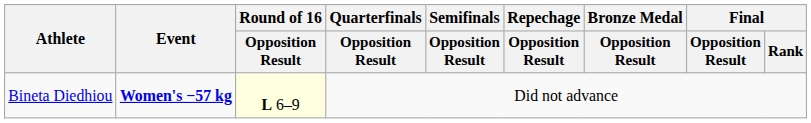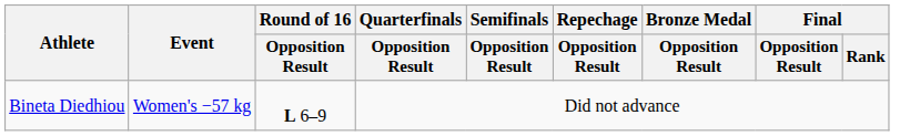 <table class="wikitable" style="font-size:90%">
 <tr>
 <th rowspan="2">Athlete</th>
 <th rowspan="2">Event</th>
 <th>Round of 16</th>
 <th>Quarterfinals</th>
 <th>Semifinals</th>
 <th>Repechage</th>
 <th>Bronze Medal</th>
 <th colspan=2>Final</th>
 </tr>
 <tr style="font-size:95%">
 <th>Opposition<br>Result</th>
 <th>Opposition<br>Result</th>
 <th>Opposition<br>Result</th>
 <th>Opposition<br>Result</th>
 <th>Opposition<br>Result</th>
 <th>Opposition<br>Result</th>
 <th>Rank</th>
 </tr>
 <tr align=center>
 <td align=left><a href='#'>Bineta Diedhiou</a></td>
-<td align=left><strong><a href='#'>Women's −57 kg</a></strong></td>
-<td style="background: lightyellow;"><br><strong>L</strong> 6–9</td>
+<td align=left><a href='#'>Women's −57 kg</a></td>
+<td><br><strong>L</strong> 6–9</td>
 <td colspan=6>Did not advance</td>
 </tr>
 </table>
